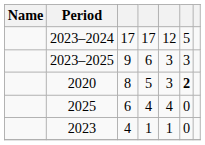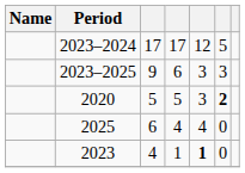 <table class="wikitable sortable" style="text-align:center">
 <tr>
 <th scope="col">Name</th>
 <th scope="col">Period</th>
 <th scope="col"></th>
 <th scope="col"></th>
 <th scope="col"></th>
 <th scope="col"></th>
 <th scope="col"></th>
 </tr>
 <tr>
 <td></td>
 <td>2023–2024</td>
 <td>17</td>
 <td>17</td>
 <td>12</td>
 <td>5</td>
 <td></td>
 </tr>
 <tr>
 <td></td>
 <td>2023–2025</td>
 <td>9</td>
 <td>6</td>
 <td>3</td>
 <td>3</td>
 <td></td>
 </tr>
 <tr>
 <td></td>
 <td>2020</td>
-<td>8</td>
+<td>5</td>
 <td>5</td>
 <td>3</td>
 <td><strong>2</strong></td>
 <td></td>
 </tr>
 <tr>
 <td></td>
 <td>2025</td>
 <td>6</td>
 <td>4</td>
 <td>4</td>
 <td>0</td>
 <td></td>
 </tr>
 <tr>
 <td></td>
 <td>2023</td>
 <td>4</td>
 <td>1</td>
-<td>1</td>
+<td><strong>1</strong></td>
 <td>0</td>
 <td></td>
 </tr>
 <tr>
 </tr>
 </table>
